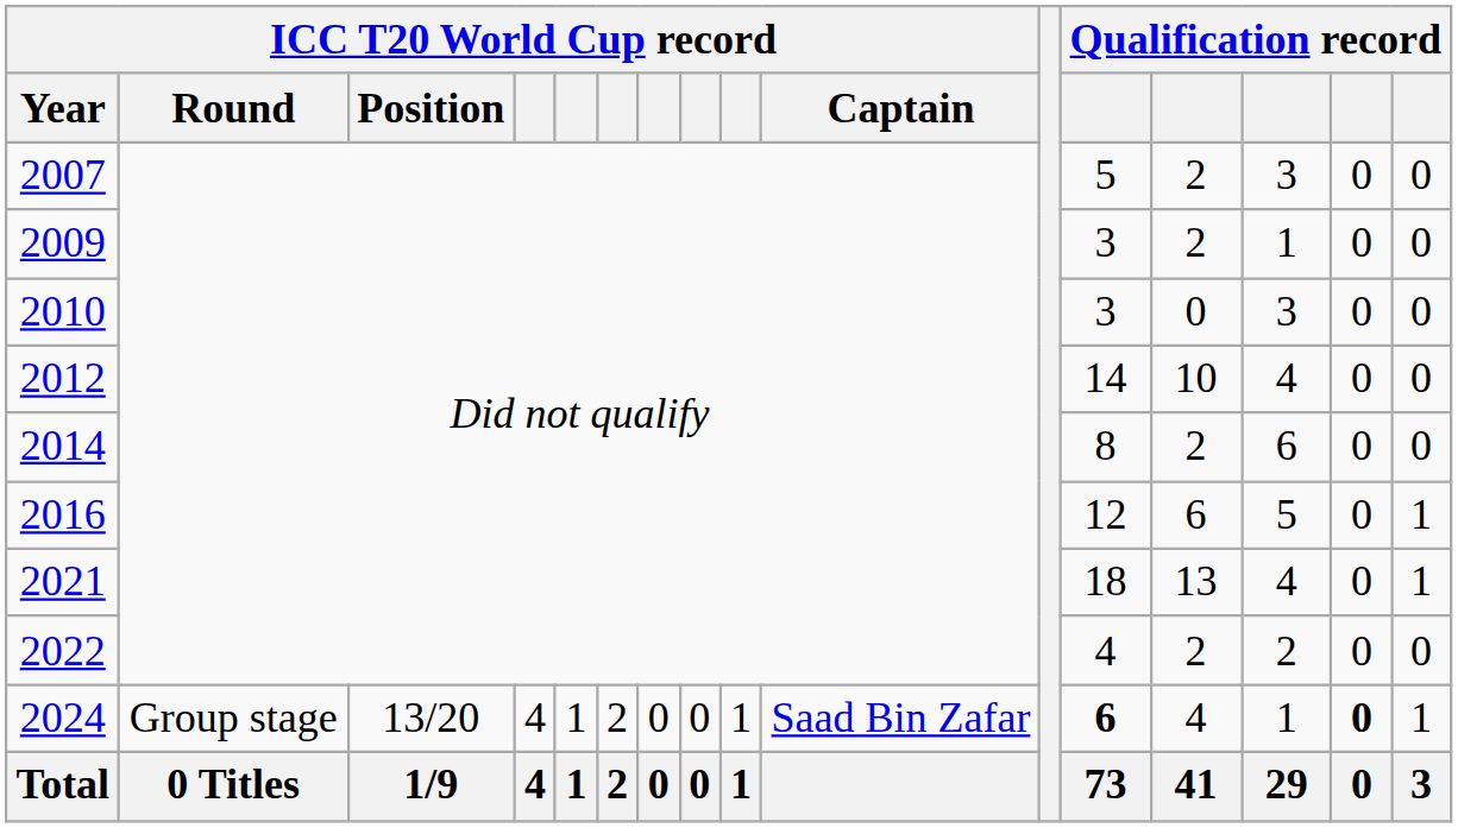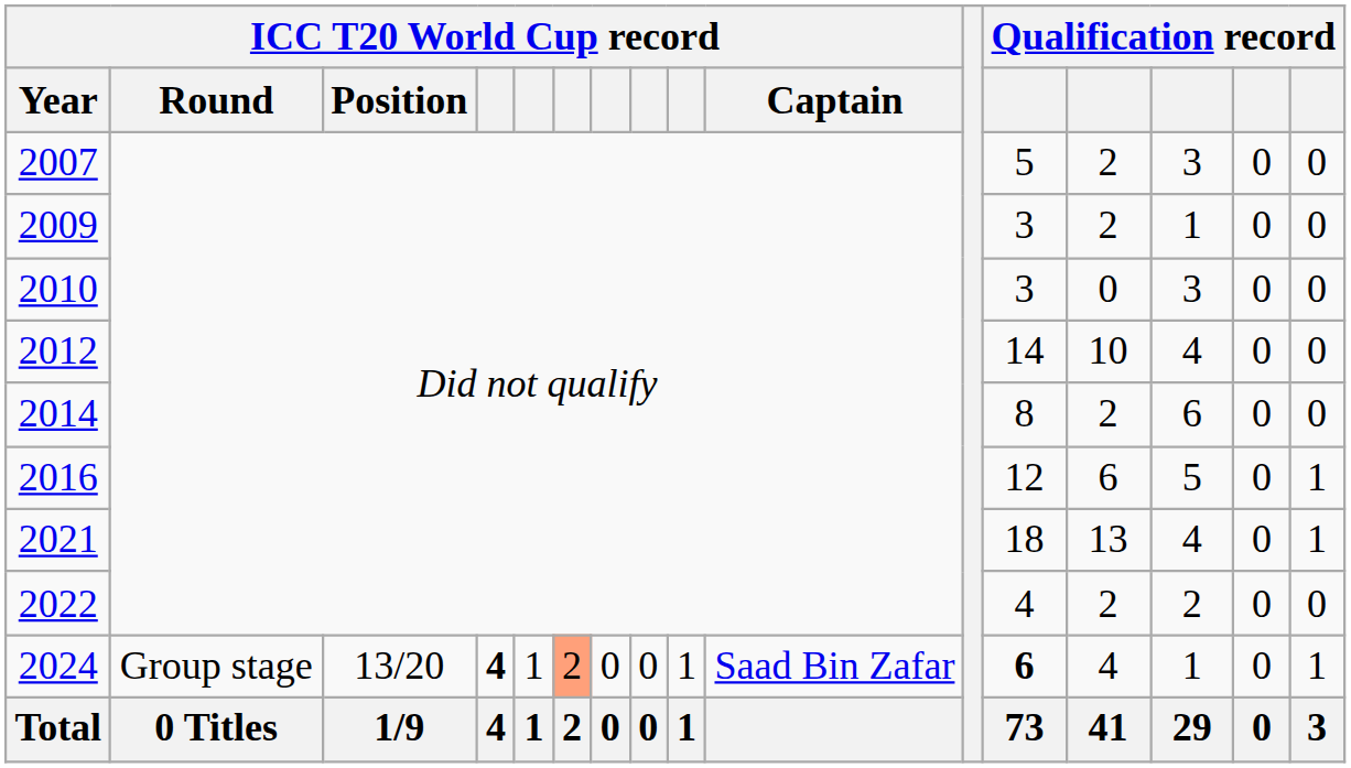 <table class="wikitable" style="text-align: center;">
 <tr>
 <th colspan=10><a href='#'>ICC T20 World Cup</a> record</th>
 <th rowspan="14"></th>
 <th colspan=5><a href='#'>Qualification</a> record</th>
 </tr>
 <tr>
 <th scope="col">Year</th>
 <th scope="col">Round</th>
 <th scope="col">Position</th>
 <th scope="col"></th>
 <th scope="col"></th>
 <th scope="col"></th>
 <th scope="col"></th>
 <th scope="col"></th>
 <th scope="col"></th>
 <th scope="col">Captain</th>
 <th scope="col"></th>
 <th scope="col"></th>
 <th scope="col"></th>
 <th scope="col"></th>
 <th scope="col"></th>
 </tr>
 <tr>
 <td> <a href='#'>2007</a></td>
 <td colspan="9" rowspan="8"><em>Did not qualify</em></td>
 <td>5</td>
 <td>2</td>
 <td>3</td>
 <td>0</td>
 <td>0</td>
 </tr>
 <tr>
 <td> <a href='#'>2009</a></td>
 <td>3</td>
 <td>2</td>
 <td>1</td>
 <td>0</td>
 <td>0</td>
 </tr>
 <tr>
 <td> <a href='#'>2010</a></td>
 <td>3</td>
 <td>0</td>
 <td>3</td>
 <td>0</td>
 <td>0</td>
 </tr>
 <tr>
 <td> <a href='#'>2012</a></td>
 <td>14</td>
 <td>10</td>
 <td>4</td>
 <td>0</td>
 <td>0</td>
 </tr>
 <tr>
 <td> <a href='#'>2014</a></td>
 <td>8</td>
 <td>2</td>
 <td>6</td>
 <td>0</td>
 <td>0</td>
 </tr>
 <tr>
 <td> <a href='#'>2016</a></td>
 <td>12</td>
 <td>6</td>
 <td>5</td>
 <td>0</td>
 <td>1</td>
 </tr>
 <tr>
 <td>  <a href='#'>2021</a></td>
 <td>18</td>
 <td>13</td>
 <td>4</td>
 <td>0</td>
 <td>1</td>
 </tr>
 <tr>
 <td> <a href='#'>2022</a></td>
 <td>4</td>
 <td>2</td>
 <td>2</td>
 <td>0</td>
 <td>0</td>
 </tr>
 <tr>
 <td>  <a href='#'>2024</a></td>
 <td>Group stage</td>
 <td>13/20</td>
-<td>4</td>
+<td><strong>4</strong></td>
 <td>1</td>
-<td>2</td>
+<td style="background: lightsalmon;">2</td>
 <td>0</td>
 <td>0</td>
 <td>1</td>
 <td><a href='#'>Saad Bin Zafar</a></td>
 <td><strong>6</strong></td>
 <td>4</td>
 <td>1</td>
-<td><strong>0</strong></td>
+<td>0</td>
 <td>1</td>
 </tr>
 <tr>
 <th><strong>Total</strong></th>
 <th><strong>0 Titles</strong></th>
 <th><strong>1/9</strong></th>
 <th><strong>4</strong></th>
 <th><strong>1</strong></th>
 <th><strong>2</strong></th>
 <th><strong>0</strong></th>
 <th><strong>0</strong></th>
 <th><strong>1</strong></th>
 <th></th>
 <th><strong>73</strong></th>
 <th><strong>41</strong></th>
 <th><strong>29</strong></th>
 <th><strong>0</strong></th>
 <th><strong>3</strong></th>
 </tr>
 </table>
